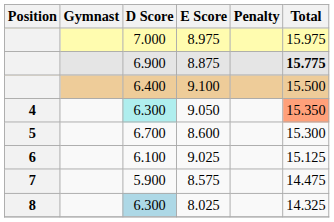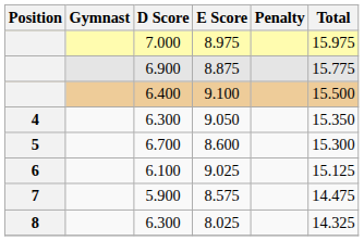 <table class="wikitable sortable" style="text-align:center; font-size:95%">
 <tr>
 <th scope=col>Position</th>
 <th scope=col>Gymnast</th>
 <th scope=col>D Score</th>
 <th scope=col>E Score</th>
 <th scope=col>Penalty</th>
 <th scope=col>Total</th>
 </tr>
 <tr bgcolor=fffcaf>
 <th scope=row></th>
 <td align="left"></td>
 <td>7.000</td>
 <td>8.975</td>
 <td></td>
 <td>15.975</td>
 </tr>
 <tr bgcolor=e5e5e5>
 <th scope=row></th>
 <td align="left"></td>
 <td>6.900</td>
 <td>8.875</td>
 <td></td>
-<td><strong>15.775</strong></td>
+<td>15.775</td>
 </tr>
 <tr bgcolor=eecc99>
 <th scope=row></th>
 <td align="left"></td>
 <td>6.400</td>
 <td>9.100</td>
 <td></td>
 <td>15.500</td>
 </tr>
 <tr>
 <th scope=row>4</th>
 <td align="left"></td>
-<td style="background: paleturquoise;">6.300</td>
+<td>6.300</td>
 <td>9.050</td>
 <td></td>
-<td style="background: lightsalmon;">15.350</td>
+<td>15.350</td>
 </tr>
 <tr>
 <th scope=row>5</th>
 <td align="left"></td>
 <td>6.700</td>
 <td>8.600</td>
 <td></td>
 <td>15.300</td>
 </tr>
 <tr>
 <th scope=row>6</th>
 <td align="left"></td>
 <td>6.100</td>
 <td>9.025</td>
 <td></td>
 <td>15.125</td>
 </tr>
 <tr>
 <th scope=row>7</th>
 <td align="left"></td>
 <td>5.900</td>
 <td>8.575</td>
 <td></td>
 <td>14.475</td>
 </tr>
 <tr>
 <th scope=row>8</th>
 <td align="left"></td>
-<td style="background: lightblue;">6.300</td>
+<td>6.300</td>
 <td>8.025</td>
 <td></td>
 <td>14.325</td>
 </tr>
 <tr>
 </tr>
 </table>
